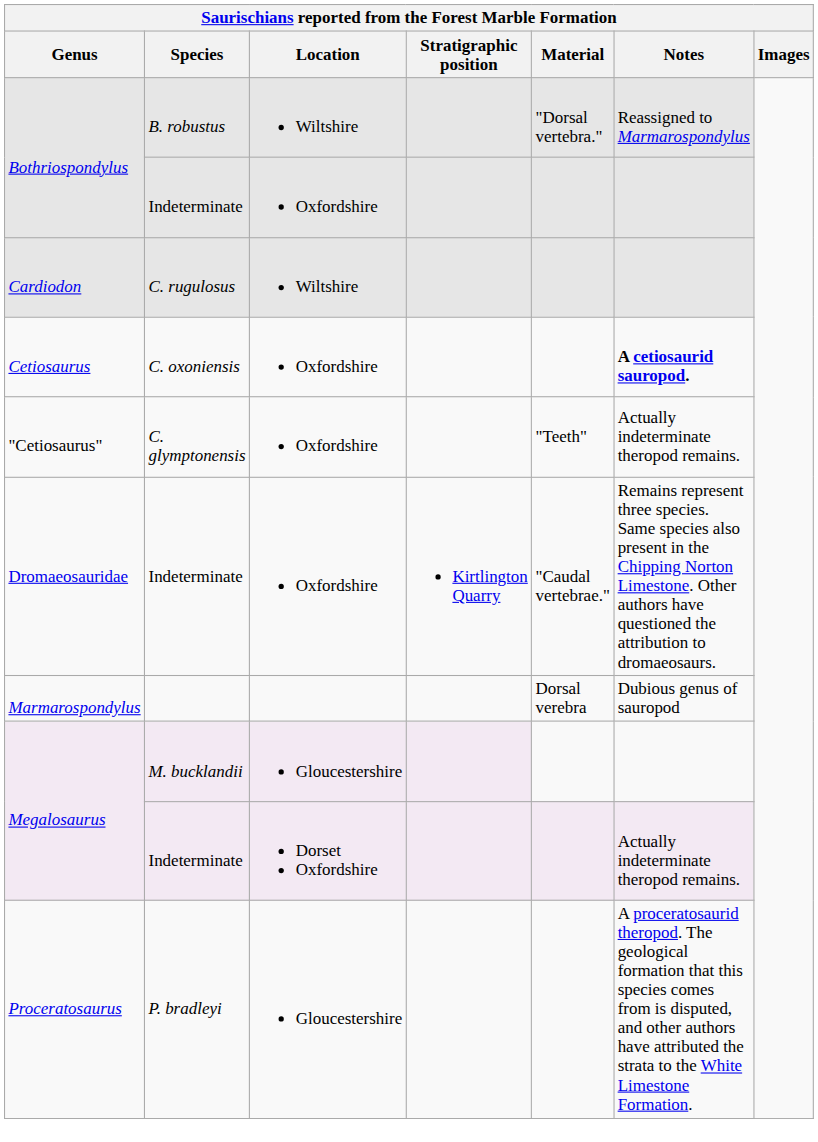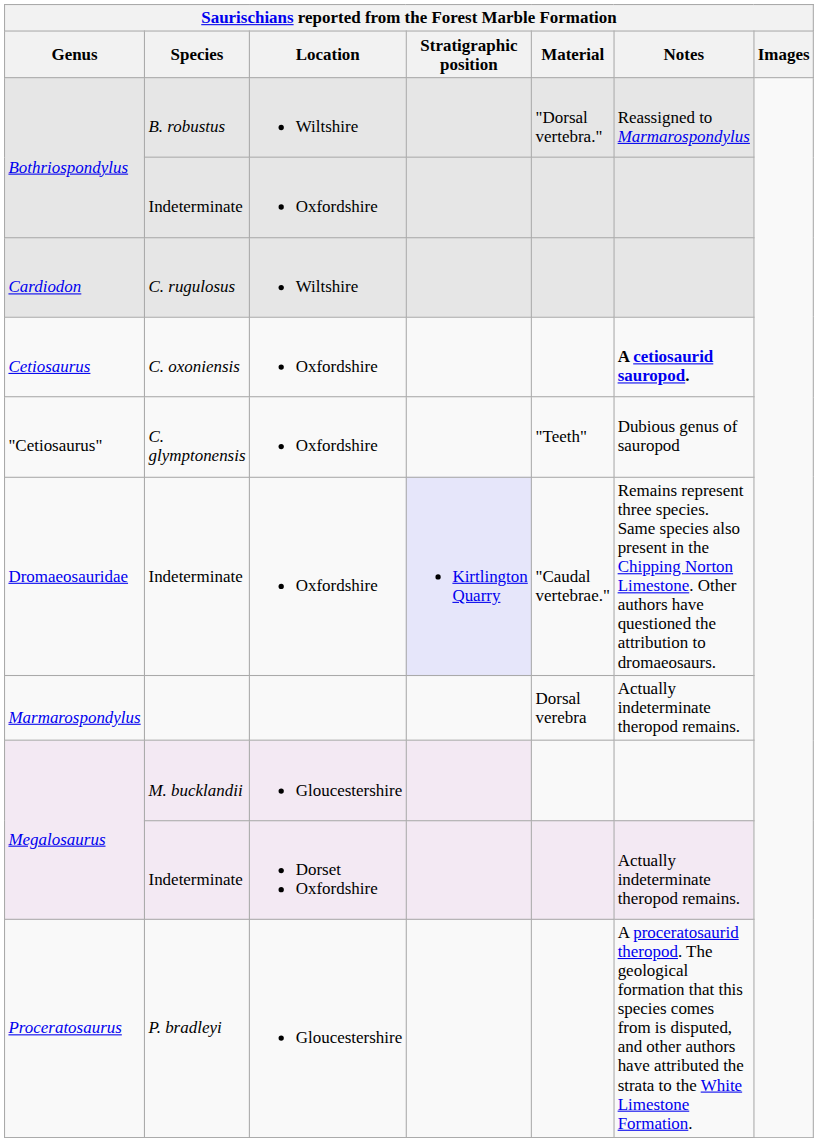 <table class="wikitable" align="center" width="100%">
 <tr>
 <th colspan="7" align="center"><strong><a href='#'>Saurischians</a> reported from the Forest Marble Formation</strong></th>
 </tr>
 <tr>
 <th>Genus</th>
 <th>Species</th>
 <th>Location</th>
 <th>Stratigraphic position</th>
 <th>Material</th>
 <th>Notes</th>
 <th>Images</th>
 </tr>
 <tr>
 <td rowspan="2" style="background:#E6E6E6;"><br><em><a href='#'>Bothriospondylus</a></em></td>
 <td style="background:#E6E6E6;"><br><em>B. robustus</em></td>
 <td style="background:#E6E6E6;"><br><ul><li>Wiltshire</li></ul></td>
 <td style="background:#E6E6E6;"></td>
 <td style="background:#E6E6E6;"><br>"Dorsal vertebra."</td>
 <td style="background:#E6E6E6;"><br>Reassigned to <em><a href='#'>Marmarospondylus</a></em></td>
 <td rowspan="100"><br></td>
 </tr>
 <tr>
 <td style="background:#E6E6E6;"><br>Indeterminate</td>
 <td style="background:#E6E6E6;"><br><ul><li>Oxfordshire</li></ul></td>
 <td style="background:#E6E6E6;"></td>
 <td style="background:#E6E6E6;"></td>
 <td style="background:#E6E6E6;"></td>
 </tr>
 <tr>
 <td style="background:#E6E6E6;"><br><em><a href='#'>Cardiodon</a></em></td>
 <td style="background:#E6E6E6;"><br><em>C. rugulosus</em></td>
 <td style="background:#E6E6E6;"><br><ul><li>Wiltshire</li></ul></td>
 <td style="background:#E6E6E6;"></td>
 <td style="background:#E6E6E6;"></td>
 <td style="background:#E6E6E6;"></td>
 </tr>
 <tr>
 <td><br><em><a href='#'>Cetiosaurus</a></em></td>
 <td><br><em>C. oxoniensis</em></td>
 <td><br><ul><li>Oxfordshire</li></ul></td>
 <td></td>
 <td></td>
 <td><strong><br>A <a href='#'>cetiosaurid</a> <a href='#'>sauropod</a>.</strong></td>
 </tr>
 <tr>
 <td><br>"Cetiosaurus"</td>
 <td><br><em>C. glymptonensis</em></td>
 <td><br><ul><li>Oxfordshire</li></ul></td>
 <td></td>
 <td>"Teeth"</td>
-<td>Actually indeterminate theropod remains.</td>
+<td>Dubious genus of sauropod</td>
 </tr>
 <tr>
 <td><a href='#'>Dromaeosauridae</a></td>
 <td>Indeterminate</td>
 <td><br><ul><li>Oxfordshire</li></ul></td>
-<td><br><ul><li><a href='#'>Kirtlington Quarry</a></li></ul></td>
+<td style="background: lavender;"><br><ul><li><a href='#'>Kirtlington Quarry</a></li></ul></td>
 <td><br>"Caudal vertebrae."</td>
 <td>Remains represent three species. Same species also present in the <a href='#'>Chipping Norton Limestone</a>. Other authors have questioned the attribution to dromaeosaurs.</td>
 </tr>
 <tr>
 <td><br><em><a href='#'>Marmarospondylus</a></em></td>
 <td></td>
 <td></td>
 <td></td>
 <td>Dorsal verebra</td>
-<td>Dubious genus of sauropod</td>
+<td>Actually indeterminate theropod remains.</td>
 </tr>
 <tr>
 <td rowspan="2" style="background:#f3e9f3;"><br><em><a href='#'>Megalosaurus</a></em></td>
 <td style="background:#f3e9f3;"><br><em>M. bucklandii</em></td>
 <td style="background:#f3e9f3;"><br><ul><li>Gloucestershire</li></ul></td>
 <td style="background:#f3e9f3;"></td>
 <td></td>
 <td></td>
 </tr>
 <tr>
 <td style="background:#f3e9f3;"><br>Indeterminate</td>
 <td style="background:#f3e9f3;"><br><ul><li>Dorset</li><li>Oxfordshire</li></ul></td>
 <td style="background:#f3e9f3;"></td>
 <td style="background:#f3e9f3;"></td>
 <td style="background:#f3e9f3;"><br>Actually indeterminate theropod remains.</td>
 </tr>
 <tr>
 <td><em><a href='#'>Proceratosaurus</a></em></td>
 <td><em>P. bradleyi</em></td>
 <td><br><ul><li>Gloucestershire<em></em></li></ul></td>
 <td></td>
 <td></td>
 <td>A <a href='#'>proceratosaurid</a> <a href='#'>theropod</a>. The geological formation that this species comes from is disputed, and other authors have attributed the strata to the <a href='#'>White Limestone Formation</a>.</td>
 </tr>
 <tr>
 </tr>
 </table>
